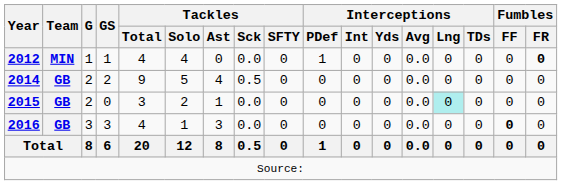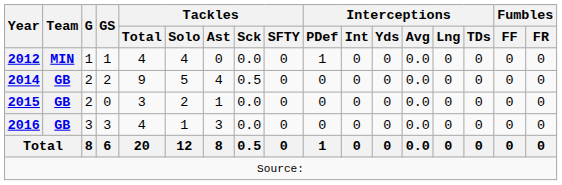 <table class="wikitable" style="text-align: center;">
 <tr>
 <th rowspan=2>Year</th>
 <th rowspan=2>Team</th>
 <th rowspan=2>G</th>
 <th rowspan=2>GS</th>
 <th colspan=5>Tackles</th>
 <th colspan=6>Interceptions</th>
 <th colspan=2>Fumbles</th>
 </tr>
 <tr>
 <th>Total</th>
 <th>Solo</th>
 <th>Ast</th>
 <th>Sck</th>
 <th>SFTY</th>
 <th>PDef</th>
 <th>Int</th>
 <th>Yds</th>
 <th>Avg</th>
 <th>Lng</th>
 <th>TDs</th>
 <th>FF</th>
 <th>FR</th>
 </tr>
 <tr>
 <th><a href='#'>2012</a></th>
 <th><a href='#'>MIN</a></th>
 <td>1</td>
 <td>1</td>
 <td>4</td>
 <td>4</td>
 <td>0</td>
 <td>0.0</td>
 <td>0</td>
 <td>1</td>
 <td>0</td>
 <td>0</td>
 <td>0.0</td>
 <td>0</td>
 <td>0</td>
 <td>0</td>
-<td><strong>0</strong></td>
+<td>0</td>
 </tr>
 <tr>
 <th><a href='#'>2014</a></th>
 <th><a href='#'>GB</a></th>
 <td>2</td>
 <td>2</td>
 <td>9</td>
 <td>5</td>
 <td>4</td>
 <td>0.5</td>
 <td>0</td>
 <td>0</td>
 <td>0</td>
 <td>0</td>
 <td>0.0</td>
 <td>0</td>
 <td>0</td>
 <td>0</td>
 <td>0</td>
 </tr>
 <tr>
 <th><a href='#'>2015</a></th>
 <th><a href='#'>GB</a></th>
 <td>2</td>
 <td>0</td>
 <td>3</td>
 <td>2</td>
 <td>1</td>
 <td>0.0</td>
 <td>0</td>
 <td>0</td>
 <td>0</td>
 <td>0</td>
 <td>0.0</td>
-<td style="background: paleturquoise;">0</td>
+<td>0</td>
 <td>0</td>
 <td>0</td>
 <td>0</td>
 </tr>
 <tr>
 <th><a href='#'>2016</a></th>
 <th><a href='#'>GB</a></th>
 <td>3</td>
 <td>3</td>
 <td>4</td>
 <td>1</td>
 <td>3</td>
 <td>0.0</td>
 <td>0</td>
 <td>0</td>
 <td>0</td>
 <td>0</td>
 <td>0.0</td>
 <td>0</td>
 <td>0</td>
-<td><strong>0</strong></td>
+<td>0</td>
 <td>0</td>
 </tr>
 <tr>
 <th colspan=2>Total</th>
 <th>8</th>
 <th>6</th>
 <th>20</th>
 <th>12</th>
 <th>8</th>
 <th>0.5</th>
 <th>0</th>
 <th>1</th>
 <th>0</th>
 <th>0</th>
 <th>0.0</th>
 <th>0</th>
 <th>0</th>
 <th>0</th>
 <th>0</th>
 </tr>
 <tr>
 <td colspan="17"><small>Source: </small></td>
 </tr>
 </table>
